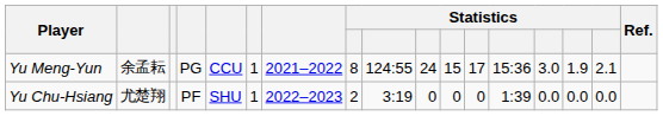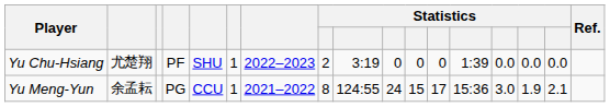 <table class="wikitable sortable" style="font-size:95%; text-align:right;">
 <tr>
 <th rowspan="2">Player</th>
 <th rowspan="2"></th>
 <th rowspan="2"></th>
 <th rowspan="2"></th>
 <th rowspan="2"></th>
 <th rowspan="2"></th>
 <th rowspan="2"></th>
 <th colspan="9">Statistics</th>
 <th rowspan="2">Ref.</th>
 </tr>
 <tr>
 <th></th>
 <th></th>
 <th></th>
 <th></th>
 <th></th>
 <th></th>
 <th></th>
 <th></th>
 <th><br></th>
 </tr>
 <tr>
+<td align="left"><em>Yu Chu-Hsiang</em></td>
+<td align="left">尤楚翔</td>
+<td align="center"></td>
+<td align="center">PF</td>
+<td align="left"><a href='#'>SHU</a></td>
+<td align="center">1</td>
+<td align="center"><a href='#'>2022–2023</a></td>
+<td>2</td>
+<td>3:19</td>
+<td>0</td>
+<td>0</td>
+<td>0</td>
+<td>1:39</td>
+<td>0.0</td>
+<td>0.0</td>
+<td>0.0</td>
+<td align="center"></td>
+</tr>
+<tr>
 <td align="left"><em>Yu Meng-Yun</em></td>
 <td align="left">余孟耘</td>
 <td align="center"></td>
 <td align="center">PG</td>
 <td align="left"><a href='#'>CCU</a></td>
 <td align="center">1</td>
 <td align="center"><a href='#'>2021–2022</a></td>
 <td>8</td>
 <td>124:55</td>
 <td>24</td>
 <td>15</td>
 <td>17</td>
 <td>15:36</td>
 <td>3.0</td>
 <td>1.9</td>
 <td>2.1</td>
 <td align="center"></td>
 </tr>
-<tr>
-<td align="left"><em>Yu Chu-Hsiang</em></td>
-<td align="left">尤楚翔</td>
-<td align="center"></td>
-<td align="center">PF</td>
-<td align="left"><a href='#'>SHU</a></td>
-<td align="center">1</td>
-<td align="center"><a href='#'>2022–2023</a></td>
-<td>2</td>
-<td>3:19</td>
-<td>0</td>
-<td>0</td>
-<td>0</td>
-<td>1:39</td>
-<td>0.0</td>
-<td>0.0</td>
-<td>0.0</td>
-<td align="center"></td>
-</tr>
 </table>
